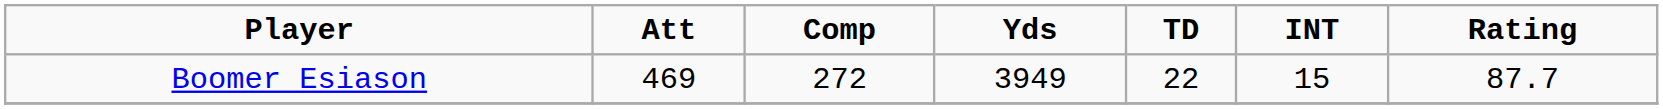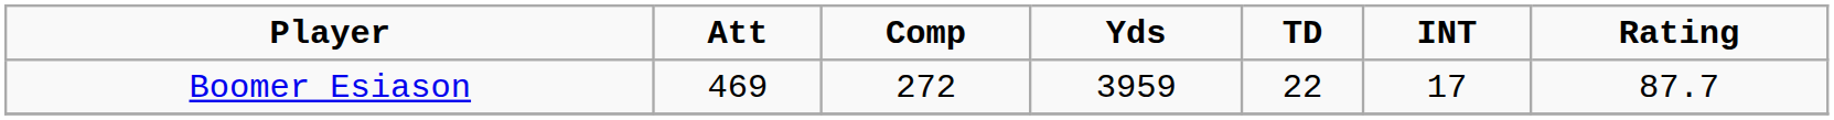 <table class="wikitable" width="80%">
 <tr align="center">
 <td><strong>Player</strong></td>
 <td><strong>Att</strong></td>
 <td><strong>Comp</strong></td>
 <td><strong>Yds</strong></td>
 <td><strong>TD</strong></td>
 <td><strong>INT</strong></td>
 <td><strong>Rating</strong></td>
 </tr>
 <tr align="center" bgcolor="">
 <td><a href='#'>Boomer Esiason</a></td>
 <td>469</td>
 <td>272</td>
-<td>3949</td>
+<td>3959</td>
 <td>22</td>
-<td>15</td>
+<td>17</td>
 <td>87.7</td>
 </tr>
 <tr align="center" bgcolor="">
 </tr>
 </table>
